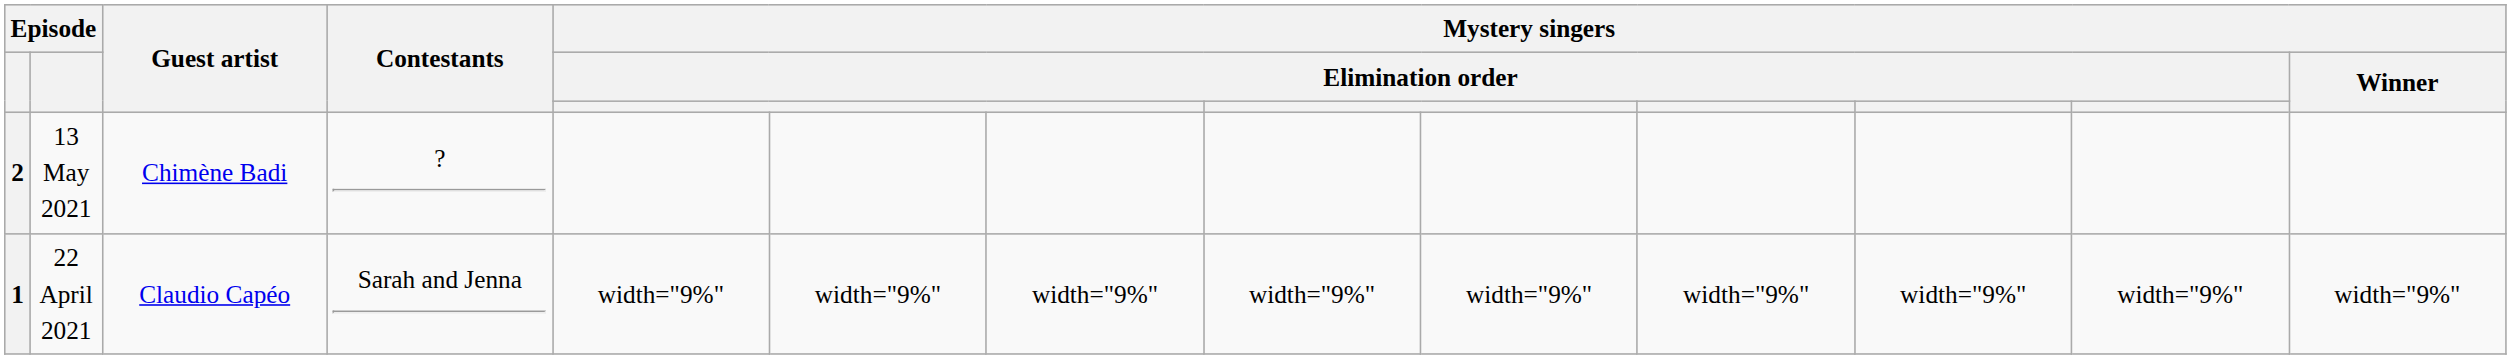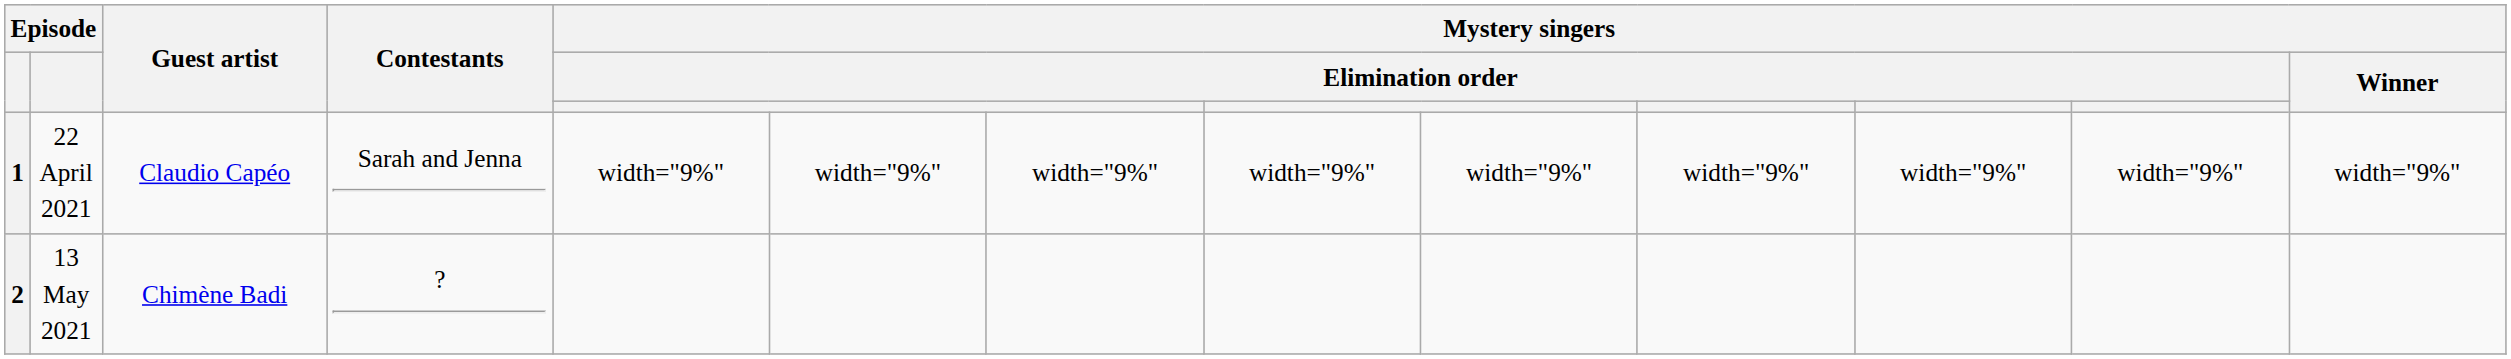 <table class="wikitable plainrowheaders mw-collapsible" style="text-align:center; line-height:23px; width:100%;">
 <tr>
 <th colspan="2" width="1%">Episode</th>
 <th rowspan="3" width="9%">Guest artist</th>
 <th rowspan="3" width="9%">Contestants</th>
 <th colspan="9">Mystery singers<br></th>
 </tr>
 <tr>
 <th rowspan="2"></th>
 <th rowspan="2"></th>
 <th colspan="8">Elimination order</th>
 <th rowspan="2">Winner</th>
 </tr>
 <tr>
 <th colspan="3"></th>
 <th colspan="2"></th>
 <th></th>
 <th></th>
 <th></th>
 </tr>
 <tr>
+<th>1</th>
+<td>22 April 2021</td>
+<td><a href='#'>Claudio Capéo</a><br></td>
+<td>Sarah and Jenna<hr></td>
+<td>width="9%" </td>
+<td>width="9%" </td>
+<td>width="9%" </td>
+<td>width="9%" </td>
+<td>width="9%" </td>
+<td>width="9%" </td>
+<td>width="9%" </td>
+<td>width="9%" </td>
+<td>width="9%" </td>
+</tr>
+<tr>
 <th>2</th>
 <td>13 May 2021</td>
 <td><a href='#'>Chimène Badi</a></td>
 <td>?<hr></td>
 <td></td>
 <td></td>
 <td></td>
 <td></td>
 <td></td>
 <td></td>
 <td></td>
 <td></td>
 <td></td>
 </tr>
-<tr>
-<th>1</th>
-<td>22 April 2021</td>
-<td><a href='#'>Claudio Capéo</a><br></td>
-<td>Sarah and Jenna<hr></td>
-<td>width="9%" </td>
-<td>width="9%" </td>
-<td>width="9%" </td>
-<td>width="9%" </td>
-<td>width="9%" </td>
-<td>width="9%" </td>
-<td>width="9%" </td>
-<td>width="9%" </td>
-<td>width="9%" </td>
-</tr>
 </table>
